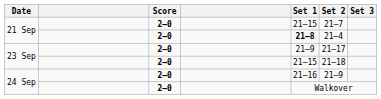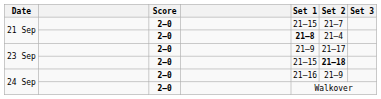 <table class="wikitable" style="text-align: center;">
 <tr>
 <th width="60">Date</th>
 <th align="right" width="270"></th>
 <th width="50">Score</th>
 <th align="left" width="270"></th>
 <th width="50">Set 1</th>
 <th width="50">Set 2</th>
 <th width="50">Set 3</th>
 </tr>
 <tr>
 <td rowspan=2>21 Sep</td>
 <td align=left><strong></strong></td>
 <td align=center><strong>2–0</strong></td>
 <td align=left></td>
 <td>21–15</td>
 <td>21–7</td>
 <td></td>
 </tr>
 <tr>
 <td align=left><strong></strong></td>
 <td align=center><strong>2–0</strong></td>
 <td align=left></td>
 <td><strong>21–8</strong></td>
 <td>21–4</td>
 <td></td>
 </tr>
 <tr>
 <td rowspan=2>23 Sep</td>
 <td align=left><strong></strong></td>
 <td align=center><strong>2–0</strong></td>
 <td align=left></td>
 <td>21–9</td>
 <td>21–17</td>
 <td></td>
 </tr>
 <tr>
 <td align=left><strong></strong></td>
 <td align=center><strong>2–0</strong></td>
 <td align=left></td>
 <td>21–15</td>
-<td>21–18</td>
+<td><strong>21–18</strong></td>
 <td></td>
 </tr>
 <tr>
 <td rowspan=2>24 Sep</td>
 <td align=left><strong></strong></td>
 <td align=center><strong>2–0</strong></td>
 <td align=left></td>
 <td>21–16</td>
 <td>21–9</td>
 <td></td>
 </tr>
 <tr>
 <td align=left><strong></strong></td>
 <td align=center><strong>2–0</strong></td>
 <td align=left></td>
 <td colspan=3>Walkover</td>
 </tr>
 </table>
